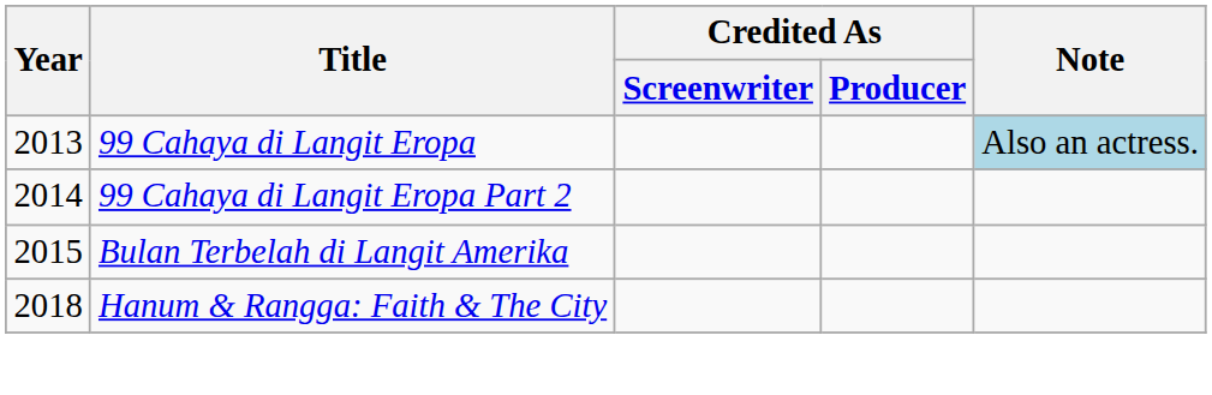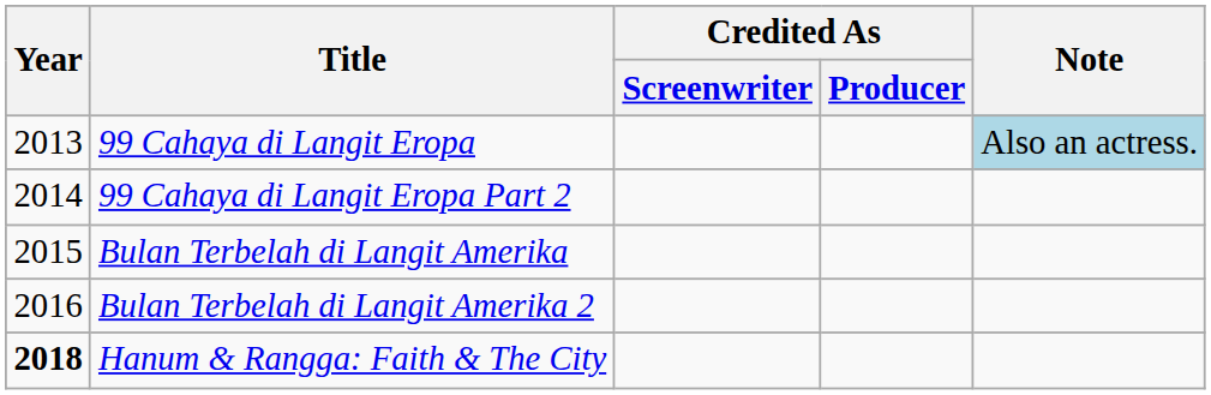 <table class="wikitable plainrowheaders sortable">
 <tr>
 <th rowspan="2" scope="col">Year</th>
 <th rowspan="2" scope="col">Title</th>
 <th colspan="2" scope="col">Credited As</th>
 <th rowspan="2" scope="col" class="unsortable">Note</th>
 </tr>
 <tr>
 <th><a href='#'>Screenwriter</a></th>
 <th><a href='#'>Producer</a></th>
 </tr>
 <tr>
 <td>2013</td>
 <td><em><a href='#'>99 Cahaya di Langit Eropa</a></em></td>
 <td></td>
 <td></td>
 <td style="background: lightblue;">Also an actress.</td>
 </tr>
 <tr>
 <td>2014</td>
 <td><em><a href='#'>99 Cahaya di Langit Eropa Part 2</a></em></td>
 <td></td>
 <td></td>
 <td></td>
 </tr>
 <tr>
 <td>2015</td>
 <td><em><a href='#'>Bulan Terbelah di Langit Amerika</a></em></td>
 <td></td>
 <td></td>
 <td></td>
 </tr>
 <tr>
-<td>2018</td>
+<td>2016</td>
+<td><em><a href='#'>Bulan Terbelah di Langit Amerika 2</a></em></td>
+<td></td>
+<td></td>
+<td></td>
+</tr>
+<tr>
+<td><strong>2018</strong></td>
 <td><em><a href='#'>Hanum & Rangga: Faith & The City</a></em></td>
 <td></td>
 <td></td>
 <td></td>
 </tr>
 </table>
